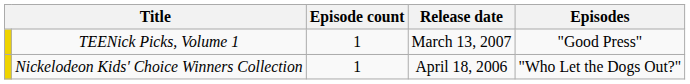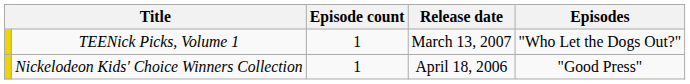 <table class="wikitable" style="text-align: center;">
 <tr>
 <th colspan=2>Title</th>
 <th>Episode count</th>
 <th>Release date</th>
 <th>Episodes</th>
 </tr>
 <tr>
 <td style="background:#efd400"></td>
 <td><em>TEENick Picks, Volume 1</em></td>
 <td>1</td>
 <td>March 13, 2007</td>
-<td>"Good Press"</td>
+<td>"Who Let the Dogs Out?"</td>
 </tr>
 <tr>
 <td style="background:#efd400"></td>
 <td><em>Nickelodeon Kids' Choice Winners Collection</em></td>
 <td>1</td>
 <td>April 18, 2006</td>
-<td>"Who Let the Dogs Out?"</td>
+<td>"Good Press"</td>
 </tr>
 </table>
